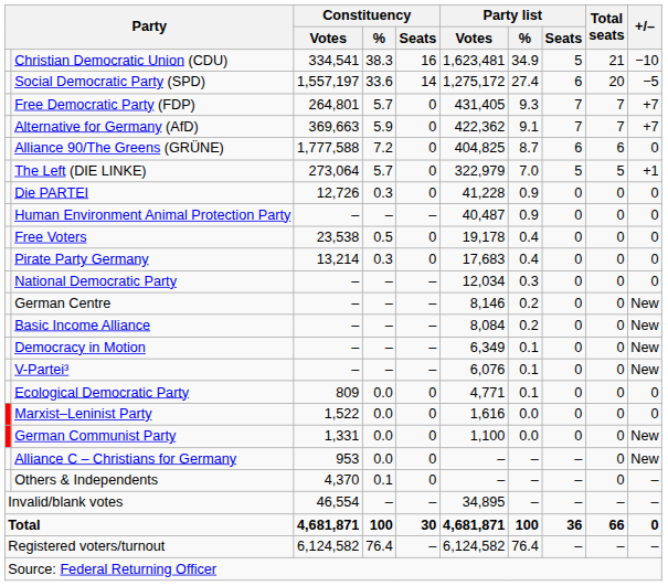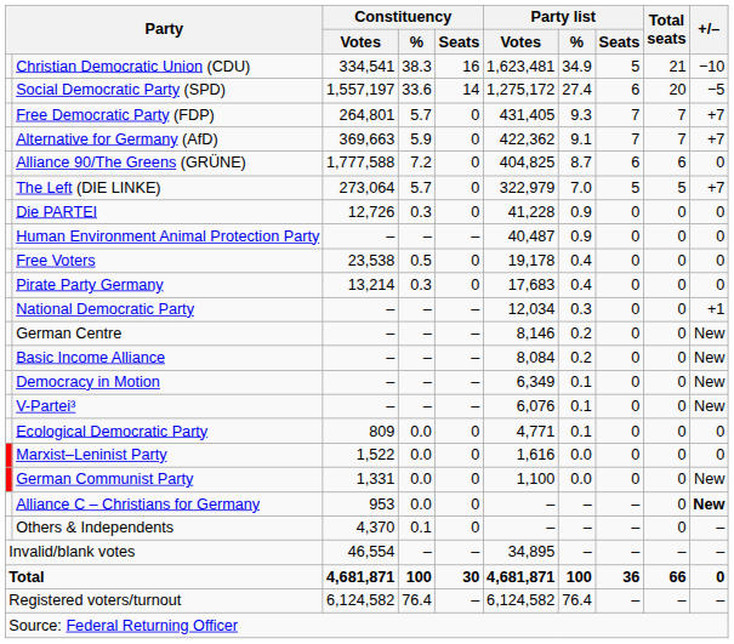 <table class="wikitable" style="text-align:right">
 <tr>
 <th colspan="2" rowspan="2">Party</th>
 <th colspan="3">Constituency</th>
 <th colspan="3">Party list</th>
 <th rowspan="2">Total<br>seats</th>
 <th rowspan="2">+/–</th>
 </tr>
 <tr>
 <th>Votes</th>
 <th>%</th>
 <th>Seats</th>
 <th>Votes</th>
 <th>%</th>
 <th>Seats</th>
 </tr>
 <tr>
 <td></td>
 <td align="left"><a href='#'>Christian Democratic Union</a> (CDU)</td>
 <td>334,541</td>
 <td>38.3</td>
 <td>16</td>
 <td>1,623,481</td>
 <td>34.9</td>
 <td>5</td>
 <td>21</td>
 <td>−10</td>
 </tr>
 <tr>
 <td></td>
 <td align="left"><a href='#'>Social Democratic Party</a> (SPD)</td>
 <td>1,557,197</td>
 <td>33.6</td>
 <td>14</td>
 <td>1,275,172</td>
 <td>27.4</td>
 <td>6</td>
 <td>20</td>
 <td>−5</td>
 </tr>
 <tr>
 <td></td>
 <td align="left"><a href='#'>Free Democratic Party</a> (FDP)</td>
 <td>264,801</td>
 <td>5.7</td>
 <td>0</td>
 <td>431,405</td>
 <td>9.3</td>
 <td>7</td>
 <td>7</td>
 <td>+7</td>
 </tr>
 <tr>
 <td></td>
 <td align="left"><a href='#'>Alternative for Germany</a> (AfD)</td>
 <td>369,663</td>
 <td>5.9</td>
 <td>0</td>
 <td>422,362</td>
 <td>9.1</td>
 <td>7</td>
 <td>7</td>
 <td>+7</td>
 </tr>
 <tr>
 <td></td>
 <td align="left"><a href='#'>Alliance 90/The Greens</a> (GRÜNE)</td>
 <td>1,777,588</td>
 <td>7.2</td>
 <td>0</td>
 <td>404,825</td>
 <td>8.7</td>
 <td>6</td>
 <td>6</td>
 <td>0</td>
 </tr>
 <tr>
 <td></td>
 <td align="left"><a href='#'>The Left</a> (DIE LINKE)</td>
 <td>273,064</td>
 <td>5.7</td>
 <td>0</td>
 <td>322,979</td>
 <td>7.0</td>
 <td>5</td>
 <td>5</td>
-<td>+1</td>
+<td>+7</td>
 </tr>
 <tr>
 <td style="background-color:"></td>
 <td align="left"><a href='#'>Die PARTEI</a></td>
 <td>12,726</td>
 <td>0.3</td>
 <td>0</td>
 <td>41,228</td>
 <td>0.9</td>
 <td>0</td>
 <td>0</td>
 <td>0</td>
 </tr>
 <tr>
 <td style="background-color:"></td>
 <td align="left"><a href='#'>Human Environment Animal Protection Party</a></td>
 <td>–</td>
 <td>–</td>
 <td>–</td>
 <td>40,487</td>
 <td>0.9</td>
 <td>0</td>
 <td>0</td>
 <td>0</td>
 </tr>
 <tr>
 <td style="background-color:"></td>
 <td align="left"><a href='#'>Free Voters</a></td>
 <td>23,538</td>
 <td>0.5</td>
 <td>0</td>
 <td>19,178</td>
 <td>0.4</td>
 <td>0</td>
 <td>0</td>
 <td>0</td>
 </tr>
 <tr>
 <td style="background-color:"></td>
 <td align="left"><a href='#'>Pirate Party Germany</a></td>
 <td>13,214</td>
 <td>0.3</td>
 <td>0</td>
 <td>17,683</td>
 <td>0.4</td>
 <td>0</td>
 <td>0</td>
 <td>0</td>
 </tr>
 <tr>
 <td style="background-color:"></td>
 <td align="left"><a href='#'>National Democratic Party</a></td>
 <td>–</td>
 <td>–</td>
 <td>–</td>
 <td>12,034</td>
 <td>0.3</td>
 <td>0</td>
 <td>0</td>
-<td>0</td>
+<td>+1</td>
 </tr>
 <tr>
 <td></td>
 <td align="left">German Centre</td>
 <td>–</td>
 <td>–</td>
 <td>–</td>
 <td>8,146</td>
 <td>0.2</td>
 <td>0</td>
 <td>0</td>
 <td>New</td>
 </tr>
 <tr>
 <td style="background-color:"></td>
 <td align="left"><a href='#'>Basic Income Alliance</a></td>
 <td>–</td>
 <td>–</td>
 <td>–</td>
 <td>8,084</td>
 <td>0.2</td>
 <td>0</td>
 <td>0</td>
 <td>New</td>
 </tr>
 <tr>
 <td></td>
 <td align="left"><a href='#'>Democracy in Motion</a></td>
 <td>–</td>
 <td>–</td>
 <td>–</td>
 <td>6,349</td>
 <td>0.1</td>
 <td>0</td>
 <td>0</td>
 <td>New</td>
 </tr>
 <tr>
 <td style="background-color:"></td>
 <td align="left"><a href='#'>V-Partei³</a></td>
 <td>–</td>
 <td>–</td>
 <td>–</td>
 <td>6,076</td>
 <td>0.1</td>
 <td>0</td>
 <td>0</td>
 <td>New</td>
 </tr>
 <tr>
 <td style="background-color:"></td>
 <td align="left"><a href='#'>Ecological Democratic Party</a></td>
 <td>809</td>
 <td>0.0</td>
 <td>0</td>
 <td>4,771</td>
 <td>0.1</td>
 <td>0</td>
 <td>0</td>
 <td>0</td>
 </tr>
 <tr>
 <td style="background-color:red"></td>
 <td align="left"><a href='#'>Marxist–Leninist Party</a></td>
 <td>1,522</td>
 <td>0.0</td>
 <td>0</td>
 <td>1,616</td>
 <td>0.0</td>
 <td>0</td>
 <td>0</td>
 <td>0</td>
 </tr>
 <tr>
 <td style="background-color:red"></td>
 <td align="left"><a href='#'>German Communist Party</a></td>
 <td>1,331</td>
 <td>0.0</td>
 <td>0</td>
 <td>1,100</td>
 <td>0.0</td>
 <td>0</td>
 <td>0</td>
 <td>New</td>
 </tr>
 <tr>
 <td></td>
 <td align="left"><a href='#'>Alliance C – Christians for Germany</a></td>
 <td>953</td>
 <td>0.0</td>
 <td>0</td>
 <td>–</td>
 <td>–</td>
 <td>–</td>
 <td>0</td>
-<td>New</td>
+<td><strong>New</strong></td>
 </tr>
 <tr>
 <td></td>
 <td align="left">Others & Independents</td>
 <td>4,370</td>
 <td>0.1</td>
 <td>0</td>
 <td>–</td>
 <td>–</td>
 <td>–</td>
 <td>0</td>
 <td>–</td>
 </tr>
 <tr>
 <td colspan="2" align="left">Invalid/blank votes</td>
 <td>46,554</td>
 <td>–</td>
 <td>–</td>
 <td>34,895</td>
 <td>–</td>
 <td>–</td>
 <td>–</td>
 <td>–</td>
 </tr>
 <tr>
 <td colspan="2" align="left"><strong>Total</strong></td>
 <td><strong>4,681,871</strong></td>
 <td><strong>100</strong></td>
 <td><strong>30</strong></td>
 <td><strong>4,681,871</strong></td>
 <td><strong>100</strong></td>
 <td><strong>36</strong></td>
 <td><strong>66</strong></td>
 <td><strong>0</strong></td>
 </tr>
 <tr>
 <td colspan="2" align="left">Registered voters/turnout</td>
 <td>6,124,582</td>
 <td>76.4</td>
 <td>–</td>
 <td>6,124,582</td>
 <td>76.4</td>
 <td>–</td>
 <td>–</td>
 <td>–</td>
 </tr>
 <tr>
 <td colspan="10" align="left">Source: <a href='#'>Federal Returning Officer</a></td>
 </tr>
 </table>
